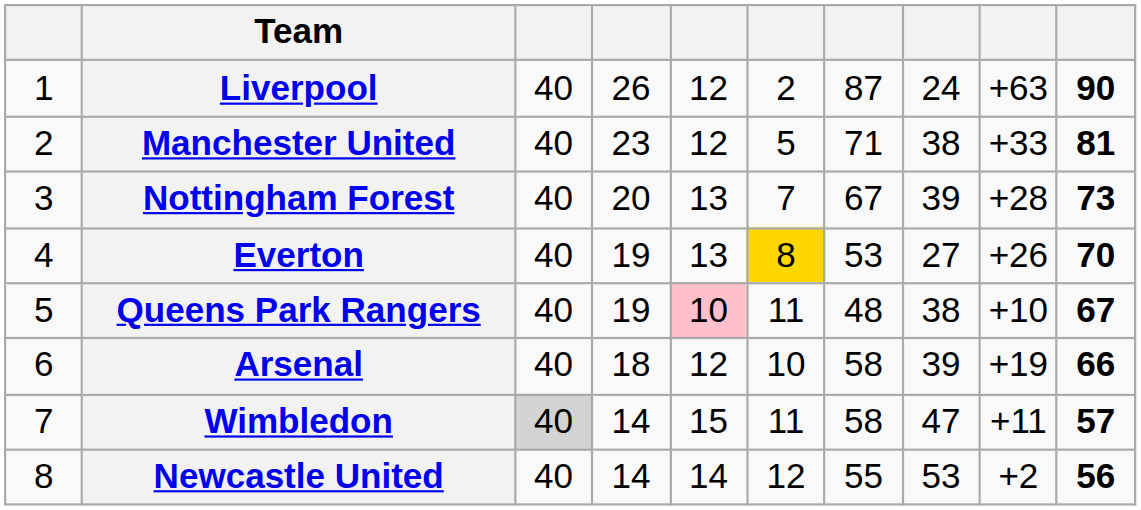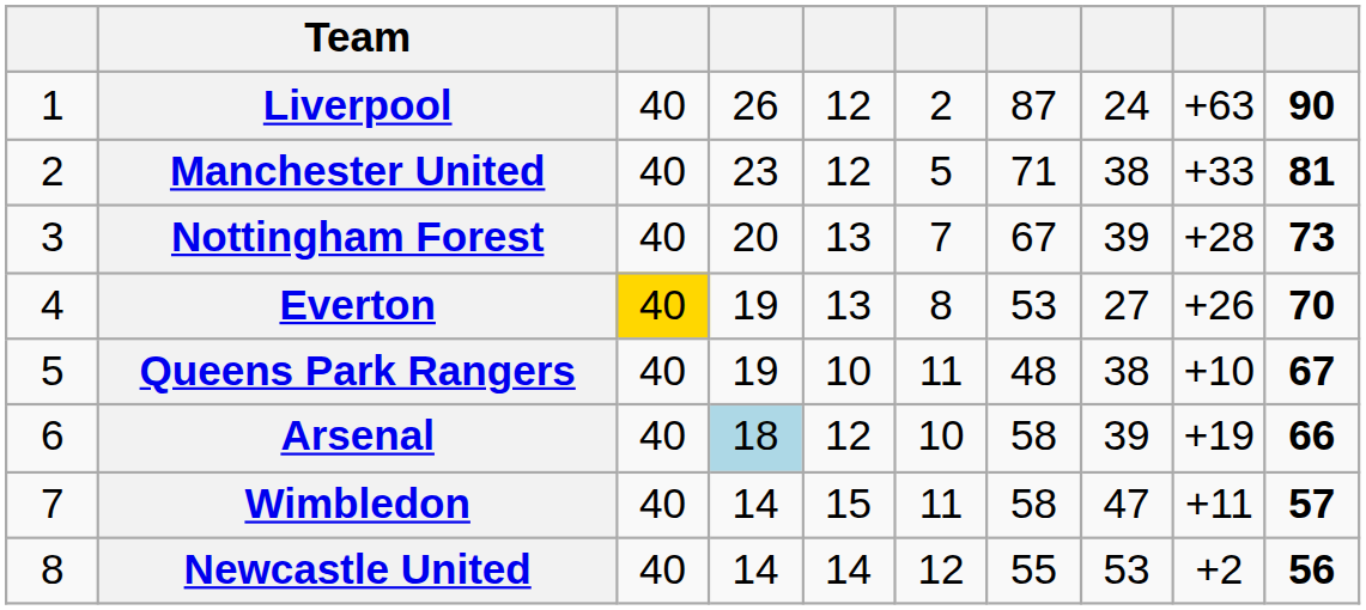 <table class="wikitable plainrowheaders" style="text-align: center;float:center">
 <tr>
 <th width="28"></th>
 <th style="width:190px;">Team</th>
 <th width="28"></th>
 <th width="28"></th>
 <th width="28"></th>
 <th width="28"></th>
 <th width="28"></th>
 <th width="28"></th>
 <th width="28"></th>
 <th width="28"></th>
 </tr>
 <tr>
 <td>1</td>
 <th scope=row><a href='#'>Liverpool</a></th>
 <td>40</td>
 <td>26</td>
 <td>12</td>
 <td>2</td>
 <td>87</td>
 <td>24</td>
 <td>+63</td>
 <td><strong>90</strong></td>
 </tr>
 <tr>
 <td>2</td>
 <th scope=row><a href='#'>Manchester United</a></th>
 <td>40</td>
 <td>23</td>
 <td>12</td>
 <td>5</td>
 <td>71</td>
 <td>38</td>
 <td>+33</td>
 <td><strong>81</strong></td>
 </tr>
 <tr>
 <td>3</td>
 <th scope=row><a href='#'>Nottingham Forest</a></th>
 <td>40</td>
 <td>20</td>
 <td>13</td>
 <td>7</td>
 <td>67</td>
 <td>39</td>
 <td>+28</td>
 <td><strong>73</strong></td>
 </tr>
 <tr>
 <td>4</td>
 <th scope=row><a href='#'>Everton</a></th>
-<td>40</td>
+<td style="background: gold;">40</td>
 <td>19</td>
 <td>13</td>
-<td style="background: gold;">8</td>
+<td>8</td>
 <td>53</td>
 <td>27</td>
 <td>+26</td>
 <td><strong>70</strong></td>
 </tr>
 <tr>
 <td>5</td>
 <th scope=row><a href='#'>Queens Park Rangers</a></th>
 <td>40</td>
 <td>19</td>
-<td style="background: pink;">10</td>
+<td>10</td>
 <td>11</td>
 <td>48</td>
 <td>38</td>
 <td>+10</td>
 <td><strong>67</strong></td>
 </tr>
 <tr>
 <td>6</td>
 <th scope=row><a href='#'>Arsenal</a></th>
 <td>40</td>
-<td>18</td>
+<td style="background: lightblue;">18</td>
 <td>12</td>
 <td>10</td>
 <td>58</td>
 <td>39</td>
 <td>+19</td>
 <td><strong>66</strong></td>
 </tr>
 <tr>
 <td>7</td>
 <th scope=row><a href='#'>Wimbledon</a></th>
-<td style="background: lightgrey;">40</td>
+<td>40</td>
 <td>14</td>
 <td>15</td>
 <td>11</td>
 <td>58</td>
 <td>47</td>
 <td>+11</td>
 <td><strong>57</strong></td>
 </tr>
 <tr>
 <td>8</td>
 <th scope=row><a href='#'>Newcastle United</a></th>
 <td>40</td>
 <td>14</td>
 <td>14</td>
 <td>12</td>
 <td>55</td>
 <td>53</td>
 <td>+2</td>
 <td><strong>56</strong></td>
 </tr>
 </table>
